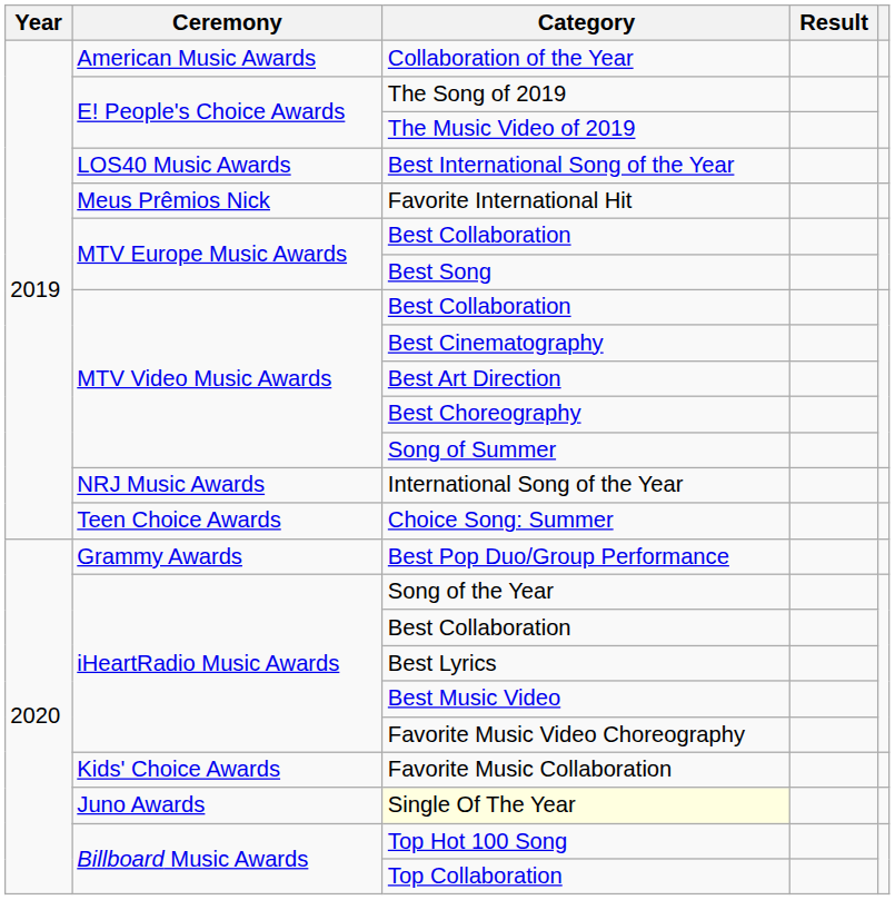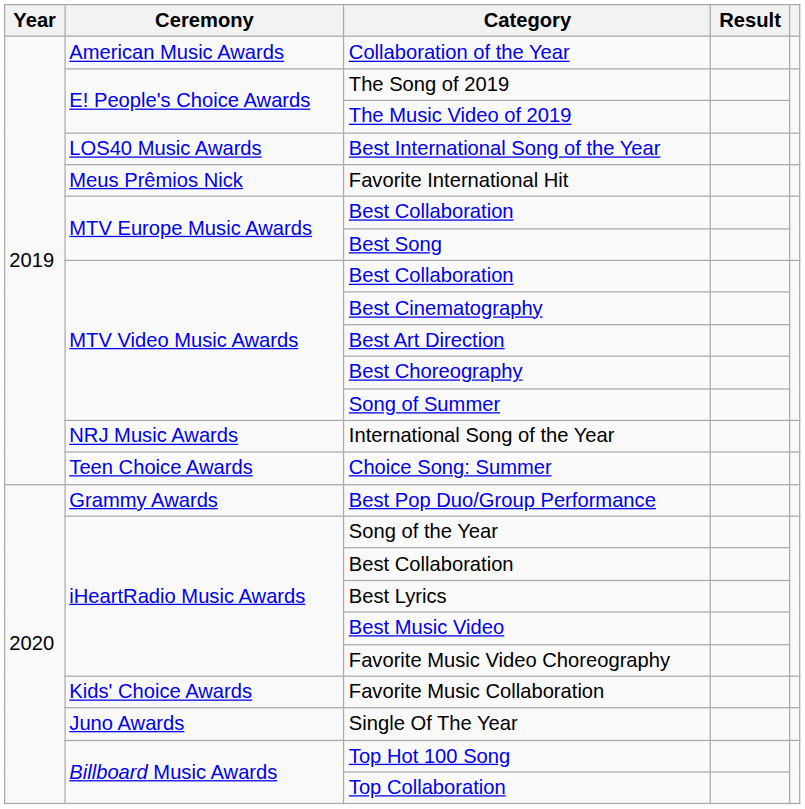 <table class="wikitable sortable plainrowheaders" style="width: 50%;">
 <tr>
 <th scope="col">Year</th>
 <th scope="col">Ceremony</th>
 <th scope="col">Category</th>
 <th scope="col">Result</th>
 <th scope="col" class="unsortable"></th>
 </tr>
 <tr>
 <td rowspan="14">2019</td>
 <td><a href='#'>American Music Awards</a></td>
 <td><a href='#'>Collaboration of the Year</a></td>
 <td></td>
 <td style="text-align:center;"></td>
 </tr>
 <tr>
 <td rowspan="2"><a href='#'>E! People's Choice Awards</a></td>
 <td>The Song of 2019</td>
 <td></td>
 <td style="text-align:center;" rowspan="2"></td>
 </tr>
 <tr>
 <td><a href='#'>The Music Video of 2019</a></td>
 <td></td>
 </tr>
 <tr>
 <td><a href='#'>LOS40 Music Awards</a></td>
 <td><a href='#'>Best International Song of the Year</a></td>
 <td></td>
 <td style="text-align:center;"></td>
 </tr>
 <tr>
 <td><a href='#'>Meus Prêmios Nick</a></td>
 <td>Favorite International Hit</td>
 <td></td>
 <td style="text-align:center;"></td>
 </tr>
 <tr>
 <td rowspan="2"><a href='#'>MTV Europe Music Awards</a></td>
 <td><a href='#'>Best Collaboration</a></td>
 <td></td>
 <td style="text-align:center;" rowspan="2"></td>
 </tr>
 <tr>
 <td><a href='#'>Best Song</a></td>
 <td></td>
 </tr>
 <tr>
 <td rowspan="5"><a href='#'>MTV Video Music Awards</a></td>
 <td><a href='#'>Best Collaboration</a></td>
 <td></td>
 <td style="text-align:center;" rowspan="5"></td>
 </tr>
 <tr>
 <td><a href='#'>Best Cinematography</a></td>
 <td></td>
 </tr>
 <tr>
 <td><a href='#'>Best Art Direction</a></td>
 <td></td>
 </tr>
 <tr>
 <td><a href='#'>Best Choreography</a></td>
 <td></td>
 </tr>
 <tr>
 <td><a href='#'>Song of Summer</a></td>
 <td></td>
 </tr>
 <tr>
 <td><a href='#'>NRJ Music Awards</a></td>
 <td>International Song of the Year</td>
 <td></td>
 <td style="text-align:center;"></td>
 </tr>
 <tr>
 <td><a href='#'>Teen Choice Awards</a></td>
 <td><a href='#'>Choice Song: Summer</a></td>
 <td></td>
 <td style="text-align:center;"></td>
 </tr>
 <tr>
 <td rowspan="10">2020</td>
 <td><a href='#'>Grammy Awards</a></td>
 <td><a href='#'>Best Pop Duo/Group Performance</a></td>
 <td></td>
 <td style="text-align:center;"></td>
 </tr>
 <tr>
 <td rowspan="5"><a href='#'>iHeartRadio Music Awards</a></td>
 <td>Song of the Year</td>
 <td></td>
 <td style="text-align:center;" rowspan="5"></td>
 </tr>
 <tr>
 <td>Best Collaboration</td>
 <td></td>
 </tr>
 <tr>
 <td>Best Lyrics</td>
 <td></td>
 </tr>
 <tr>
 <td><a href='#'>Best Music Video</a></td>
 <td></td>
 </tr>
 <tr>
 <td>Favorite Music Video Choreography</td>
 <td></td>
 </tr>
 <tr>
 <td><a href='#'>Kids' Choice Awards</a></td>
 <td>Favorite Music Collaboration</td>
 <td></td>
 <td></td>
 </tr>
 <tr>
 <td><a href='#'>Juno Awards</a></td>
-<td style="background: lightyellow;">Single Of The Year</td>
+<td>Single Of The Year</td>
 <td></td>
 <td></td>
 </tr>
 <tr>
 <td rowspan="2"><a href='#'><em>Billboard</em> Music Awards</a></td>
 <td><a href='#'>Top Hot 100 Song</a></td>
 <td></td>
 <td style="text-align:center;" rowspan="2"></td>
 </tr>
 <tr>
 <td><a href='#'>Top Collaboration</a></td>
 <td></td>
 </tr>
 </table>
